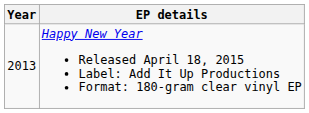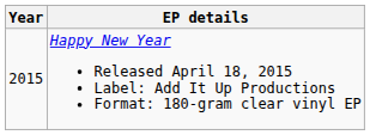 <table class="wikitable">
 <tr>
 <th>Year</th>
 <th>EP details</th>
 </tr>
 <tr>
-<td>2013</td>
+<td>2015</td>
 <td><em><a href='#'>Happy New Year</a></em><br><ul><li>Released April 18, 2015</li><li>Label: Add It Up Productions </li><li>Format: 180-gram clear vinyl EP</li></ul></td>
 </tr>
 </table>
